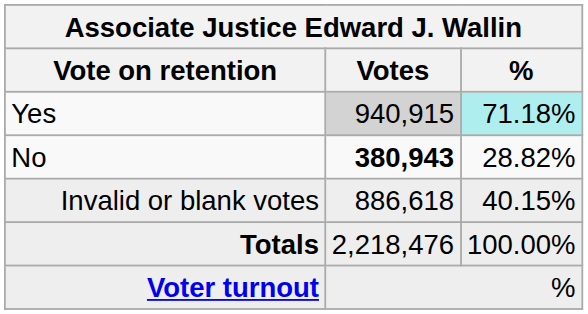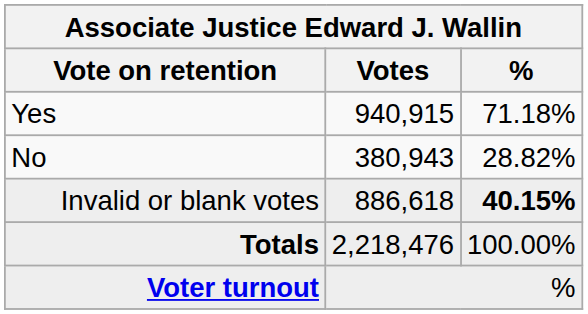 <table class="wikitable" style="font-size: 95%;">
 <tr style="background-color:#E9E9E9">
 <th colspan=7>Associate Justice Edward J. Wallin</th>
 </tr>
 <tr style="background-color:#E9E9E9">
 <th style="width: 170px">Vote on retention</th>
 <th style="width: 50px">Votes</th>
 <th style="width: 40px">%</th>
 </tr>
 <tr>
 <td>Yes</td>
-<td align="right" style="background: lightgrey;">940,915</td>
-<td align="right" style="background: paleturquoise;">71.18%</td>
+<td align="right">940,915</td>
+<td align="right">71.18%</td>
 </tr>
 <tr>
 <td>No</td>
-<td align="right"><strong>380,943</strong></td>
+<td align="right">380,943</td>
 <td align="right">28.82%</td>
 </tr>
 <tr style="background-color:#EEEEEE">
 <td align="right">Invalid or blank votes</td>
 <td align="right">886,618</td>
-<td align="right">40.15%</td>
+<td align="right"><strong>40.15%</strong></td>
 </tr>
 <tr style="background-color:#EEEEEE">
 <td colspan="1" align="right"><strong>Totals</strong></td>
 <td align="right">2,218,476</td>
 <td align="right">100.00%</td>
 </tr>
 <tr style="background-color:#EEEEEE">
 <td align="right"><strong><a href='#'>Voter turnout</a></strong></td>
 <td colspan="2" align="right">%</td>
 </tr>
 </table>
